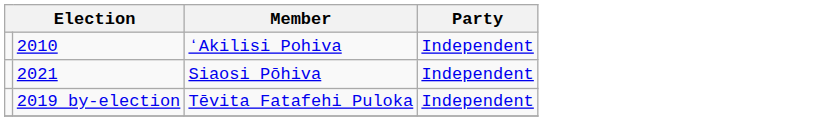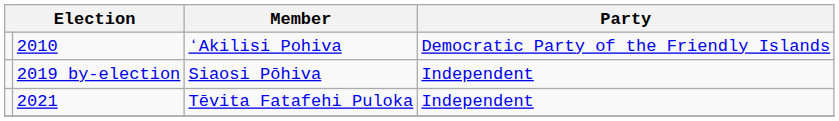 <table class="wikitable">
 <tr>
 <th colspan="2">Election</th>
 <th>Member</th>
 <th>Party</th>
 </tr>
 <tr>
 <td style="background-color: "></td>
 <td><a href='#'>2010</a></td>
 <td><a href='#'>ʻAkilisi Pohiva</a></td>
+<td><a href='#'>Democratic Party of the Friendly Islands</a></td>
+</tr>
+<tr>
+<td style="background-color: "></td>
+<td><a href='#'>2019 by-election</a></td>
+<td><a href='#'>Siaosi Pōhiva</a></td>
 <td><a href='#'>Independent</a></td>
 </tr>
 <tr>
 <td style="background-color: "></td>
 <td><a href='#'>2021</a></td>
-<td><a href='#'>Siaosi Pōhiva</a></td>
-<td><a href='#'>Independent</a></td>
-</tr>
-<tr>
-<td style="background-color: "></td>
-<td><a href='#'>2019 by-election</a></td>
 <td><a href='#'>Tēvita Fatafehi Puloka</a></td>
 <td><a href='#'>Independent</a></td>
 </tr>
 <tr>
 </tr>
 </table>
